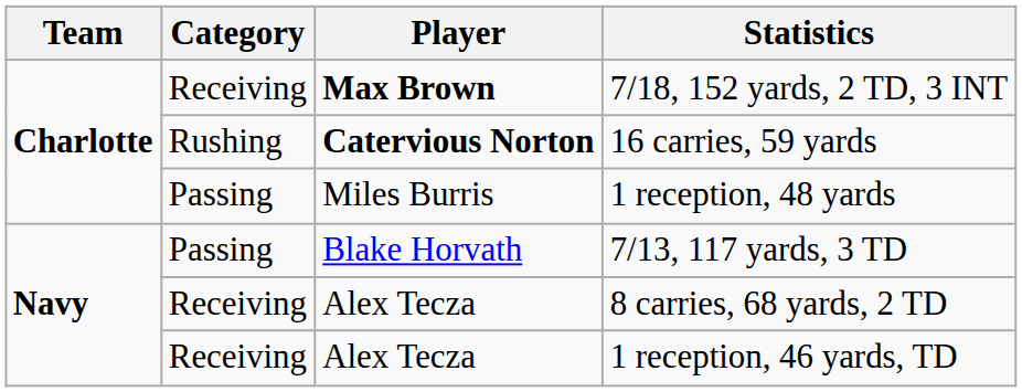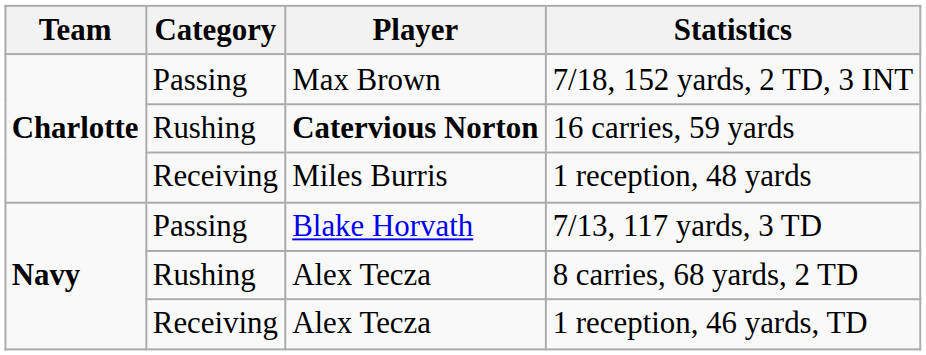 <table class="wikitable" style="float: right;">
 <tr>
 <th>Team</th>
 <th>Category</th>
 <th>Player</th>
 <th>Statistics</th>
 </tr>
 <tr>
 <td rowspan=3><strong>Charlotte</strong></td>
-<td>Receiving</td>
-<td><strong>Max Brown</strong></td>
+<td>Passing</td>
+<td>Max Brown</td>
 <td>7/18, 152 yards, 2 TD, 3 INT</td>
 </tr>
 <tr>
 <td>Rushing</td>
 <td><strong>Catervious Norton</strong></td>
 <td>16 carries, 59 yards</td>
 </tr>
 <tr>
-<td>Passing</td>
+<td>Receiving</td>
 <td>Miles Burris</td>
 <td>1 reception, 48 yards</td>
 </tr>
 <tr>
 <td rowspan=3><strong>Navy</strong></td>
 <td>Passing</td>
 <td><a href='#'>Blake Horvath</a></td>
 <td>7/13, 117 yards, 3 TD</td>
 </tr>
 <tr>
-<td>Receiving</td>
+<td>Rushing</td>
 <td>Alex Tecza</td>
 <td>8 carries, 68 yards, 2 TD</td>
 </tr>
 <tr>
 <td>Receiving</td>
 <td>Alex Tecza</td>
 <td>1 reception, 46 yards, TD</td>
 </tr>
 </table>
